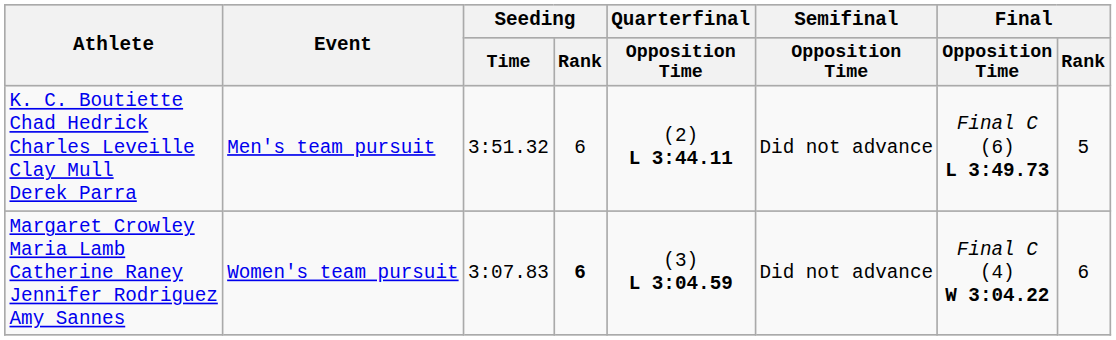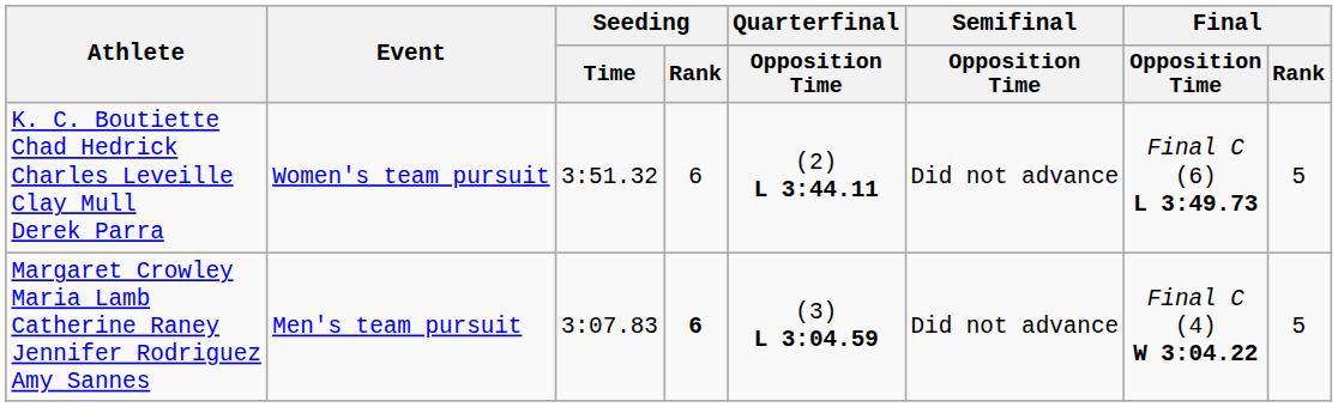 <table class=wikitable style=font-size:90%;text-align:center>
 <tr>
 <th rowspan=2>Athlete</th>
 <th rowspan=2>Event</th>
 <th colspan=2>Seeding</th>
 <th>Quarterfinal</th>
 <th>Semifinal</th>
 <th colspan=2>Final</th>
 </tr>
 <tr style=font-size:95%>
 <th>Time</th>
 <th>Rank</th>
 <th>Opposition<br>Time</th>
 <th>Opposition<br>Time</th>
 <th>Opposition<br>Time</th>
 <th>Rank</th>
 </tr>
 <tr>
 <td align=left><a href='#'>K. C. Boutiette</a><br><a href='#'>Chad Hedrick</a><br><a href='#'>Charles Leveille</a><br><a href='#'>Clay Mull</a><br><a href='#'>Derek Parra</a></td>
-<td align=left><a href='#'>Men's team pursuit</a></td>
+<td align=left><a href='#'>Women's team pursuit</a></td>
 <td>3:51.32</td>
 <td>6</td>
 <td> (2)<br><strong>L</strong> <strong>3:44.11</strong></td>
 <td>Did not advance</td>
 <td><em>Final C</em> <br> (6)<br><strong>L</strong> <strong>3:49.73</strong></td>
 <td>5</td>
 </tr>
 <tr>
 <td align=left><a href='#'>Margaret Crowley</a><br><a href='#'>Maria Lamb</a><br><a href='#'>Catherine Raney</a><br><a href='#'>Jennifer Rodriguez</a><br><a href='#'>Amy Sannes</a></td>
-<td align=left><a href='#'>Women's team pursuit</a></td>
+<td align=left><a href='#'>Men's team pursuit</a></td>
 <td>3:07.83</td>
 <td><strong>6</strong></td>
 <td> (3)<br><strong>L</strong> <strong>3:04.59</strong></td>
 <td>Did not advance</td>
 <td><em>Final C</em> <br> (4)<br><strong>W</strong> <strong>3:04.22</strong></td>
-<td>6</td>
+<td>5</td>
 </tr>
 </table>
